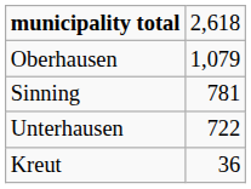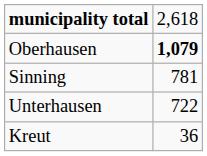 <table class="wikitable">
 <tr>
 <td><strong>municipality total</strong></td>
 <td align=right>2,618</td>
 </tr>
 <tr>
 <td>Oberhausen</td>
-<td align=right>1,079</td>
+<td align=right><strong>1,079</strong></td>
 </tr>
 <tr>
 <td>Sinning</td>
 <td align=right>781</td>
 </tr>
 <tr>
 <td>Unterhausen</td>
 <td align=right>722</td>
 </tr>
 <tr>
 <td>Kreut</td>
 <td align=right>36</td>
 </tr>
 </table>
